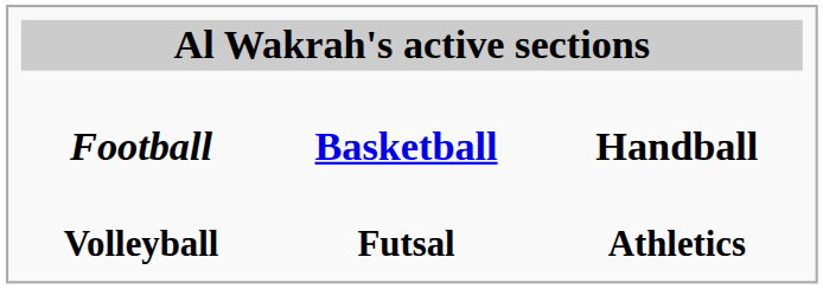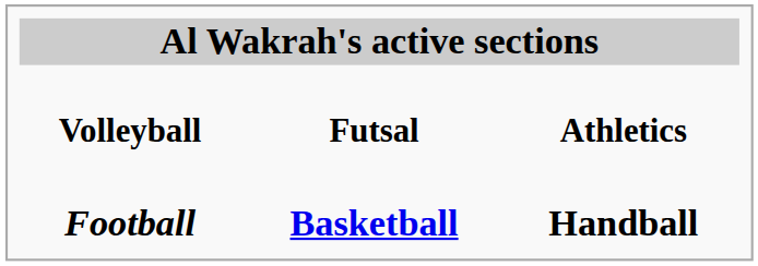 <table class="infobox" style="width: 20em; font-size: 95%em;align: center">
 <tr bgcolor="#cccccc" style="text-align: center">
 <th colspan="3">Al Wakrah's active sections</th>
+</tr>
+<tr style="font-size: 90%; text-align: center">
+<td><br><strong>Volleyball</strong></td>
+<td><br><strong>Futsal</strong></td>
+<td><br><strong>Athletics</strong></td>
 </tr>
 <tr style="text-align: center">
 <td><br><strong><em>Football</em></strong></td>
 <td><br><strong><a href='#'>Basketball</a></strong></td>
 <td><br><strong>Handball</strong></td>
 </tr>
-<tr style="font-size: 90%; text-align: center">
-<td><br><strong>Volleyball</strong></td>
-<td><br><strong>Futsal</strong></td>
-<td><br><strong>Athletics</strong></td>
-</tr>
 </table>
